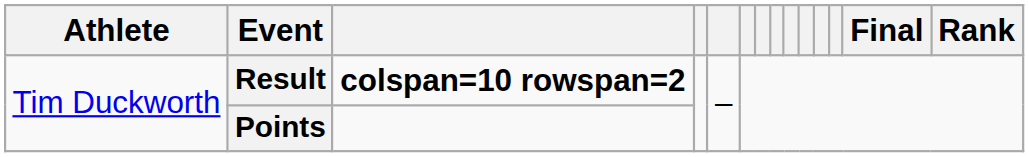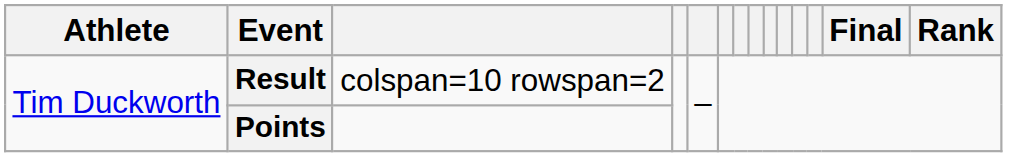 <table class="wikitable" style="font-size:90%">
 <tr>
 <th>Athlete</th>
 <th>Event</th>
 <th></th>
 <th></th>
 <th></th>
 <th></th>
 <th></th>
 <th></th>
 <th></th>
 <th></th>
 <th></th>
 <th></th>
 <th>Final</th>
 <th>Rank</th>
 </tr>
 <tr style=text-align:center>
 <td rowspan=2 style=text-align:left><a href='#'>Tim Duckworth</a></td>
 <th style="font-size:95%">Result</th>
-<td><strong>colspan=10 rowspan=2 </strong></td>
+<td>colspan=10 rowspan=2 </td>
 <td rowspan=2></td>
 <td rowspan=2>–</td>
 </tr>
 <tr style=text-align:center>
 <th style="font-size:95%">Points</th>
 </tr>
 </table>
